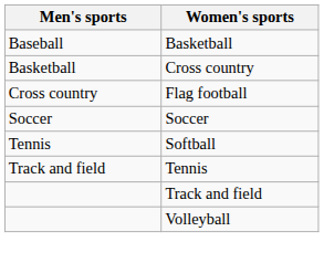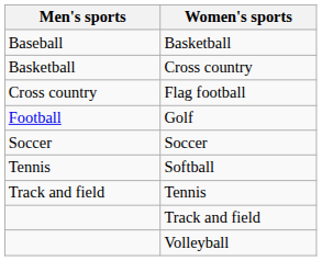 <table class="wikitable"; style= "text-align: ">
 <tr>
 <th width=150px>Men's sports</th>
 <th width=150px>Women's sports</th>
 </tr>
 <tr>
 <td>Baseball</td>
 <td>Basketball</td>
 </tr>
 <tr>
 <td>Basketball</td>
 <td>Cross country</td>
 </tr>
 <tr>
 <td>Cross country</td>
 <td>Flag football</td>
+</tr>
+<tr>
+<td><a href='#'>Football</a></td>
+<td>Golf</td>
 </tr>
 <tr>
 <td>Soccer</td>
 <td>Soccer</td>
 </tr>
 <tr>
 <td>Tennis</td>
 <td>Softball</td>
 </tr>
 <tr>
 <td>Track and field</td>
 <td>Tennis</td>
 </tr>
 <tr>
 <td></td>
 <td>Track and field</td>
 </tr>
 <tr>
 <td></td>
 <td>Volleyball</td>
 </tr>
 </table>
